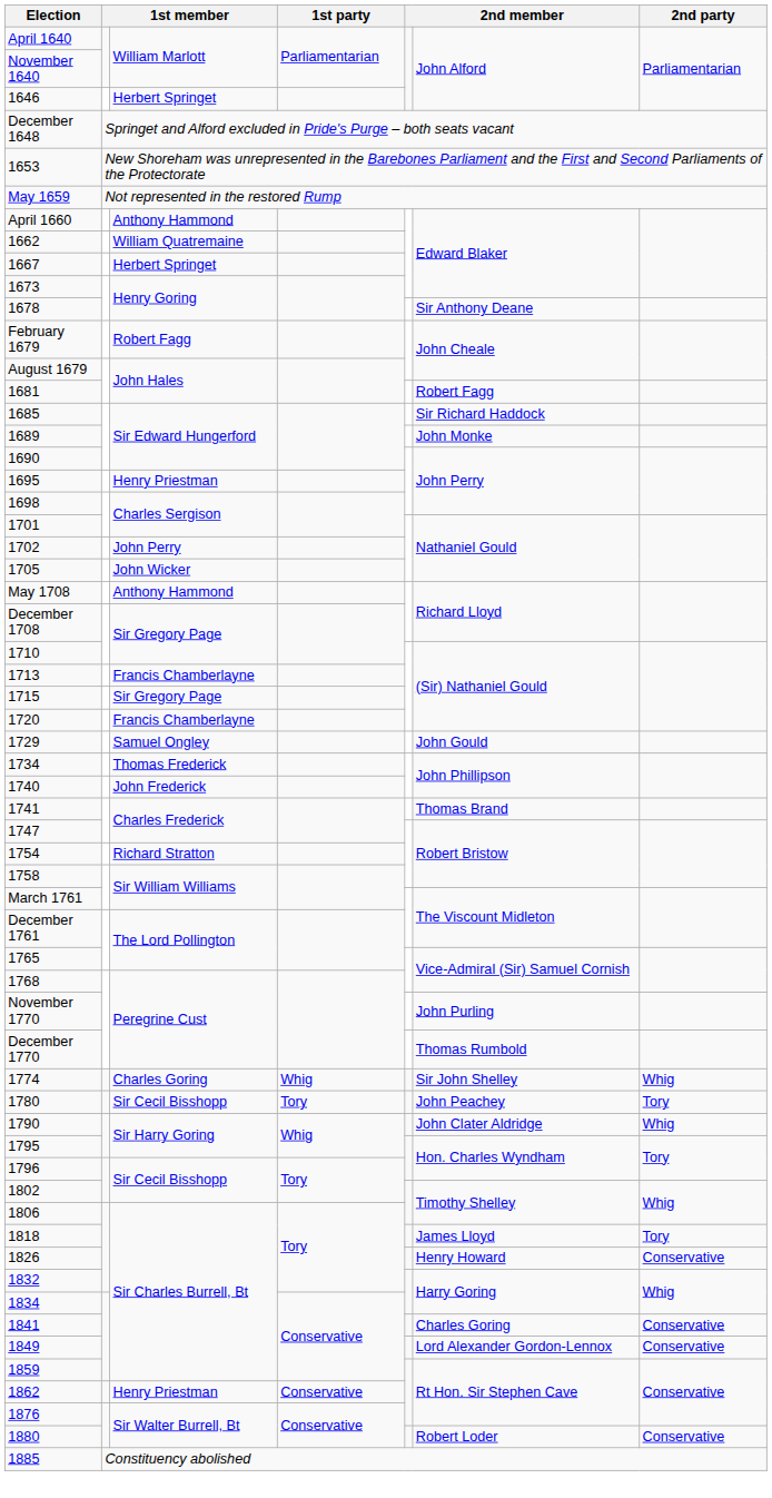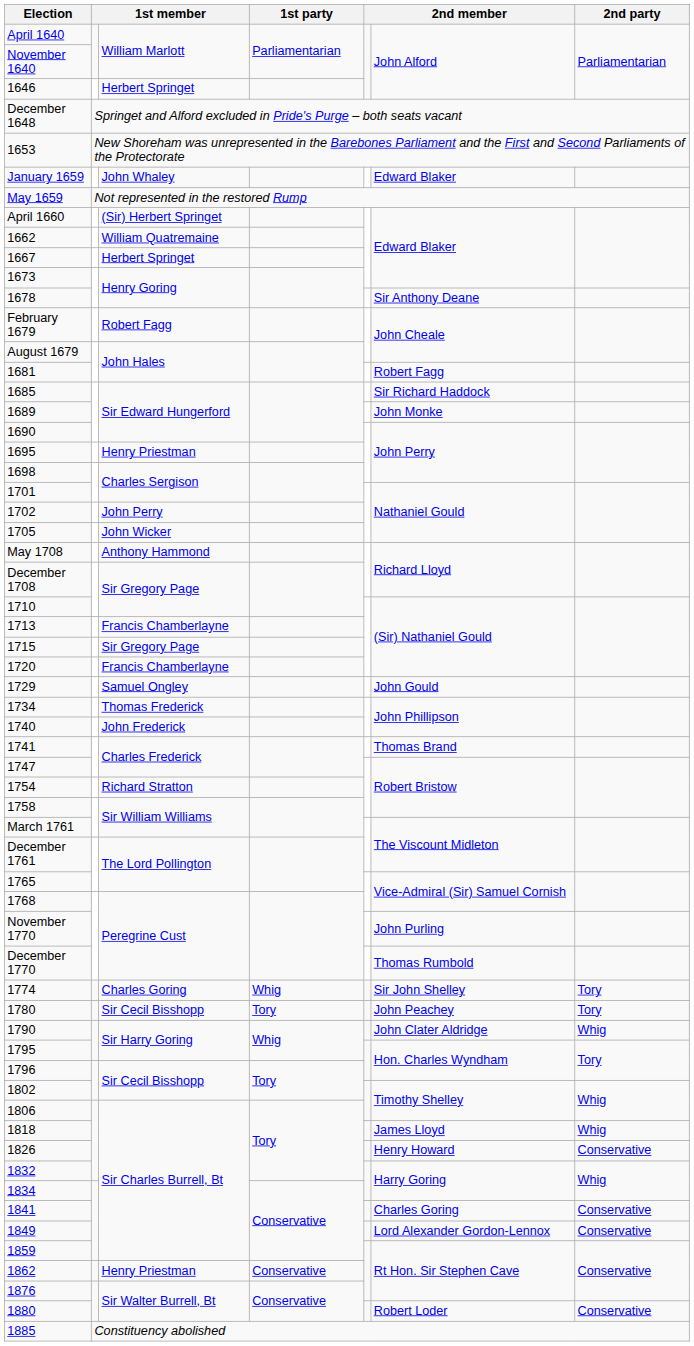 <table class="wikitable">
 <tr>
 <th>Election</th>
 <th colspan="2">1st member</th>
 <th>1st party</th>
 <th colspan="2">2nd member</th>
 <th>2nd party</th>
 </tr>
 <tr>
 <td><a href='#'>April 1640</a></td>
 <td rowspan="2" style="color:inherit;background-color: "></td>
 <td rowspan="2"><a href='#'>William Marlott</a></td>
 <td rowspan = "2"><a href='#'>Parliamentarian</a></td>
 <td rowspan="3" style="color:inherit;background-color: "></td>
 <td rowspan="3"><a href='#'>John Alford</a></td>
 <td rowspan="3"><a href='#'>Parliamentarian</a></td>
 </tr>
 <tr>
 <td><a href='#'>November 1640</a></td>
 </tr>
 <tr>
 <td>1646</td>
 <td style="color:inherit;background-color: white"></td>
 <td><a href='#'>Herbert Springet</a></td>
 <td></td>
 </tr>
 <tr>
 <td>December 1648</td>
 <td colspan="6"><em>Springet and Alford excluded in <a href='#'>Pride's Purge</a> – both seats vacant</em></td>
 </tr>
 <tr>
 <td>1653</td>
 <td colspan="6"><em>New Shoreham was unrepresented in the <a href='#'>Barebones Parliament</a> and the <a href='#'>First</a> and <a href='#'>Second</a> Parliaments of the Protectorate</em></td>
 </tr>
 <tr>
+<td><a href='#'>January 1659</a></td>
+<td style="color:inherit;background-color: white"></td>
+<td><a href='#'>John Whaley</a></td>
+<td></td>
+<td style="color:inherit;background-color: white"></td>
+<td><a href='#'>Edward Blaker</a></td>
+<td></td>
+</tr>
+<tr>
 <td><a href='#'>May 1659</a></td>
 <td colspan="6"><em>Not represented in the restored <a href='#'>Rump</a></em></td>
 </tr>
 <tr>
 <td>April 1660</td>
 <td style="color:inherit;background-color: white"></td>
-<td><a href='#'>Anthony Hammond</a></td>
+<td><a href='#'>(Sir) Herbert Springet</a></td>
 <td></td>
 <td rowspan="4" style="color:inherit;background-color: white"></td>
 <td rowspan="4"><a href='#'>Edward Blaker</a></td>
 <td rowspan="4"></td>
 </tr>
 <tr>
 <td>1662</td>
 <td style="color:inherit;background-color: white"></td>
 <td><a href='#'>William Quatremaine</a></td>
 <td></td>
 </tr>
 <tr>
 <td>1667</td>
 <td style="color:inherit;background-color: white"></td>
 <td><a href='#'>Herbert Springet</a></td>
 <td></td>
 </tr>
 <tr>
 <td>1673</td>
 <td rowspan="2" style="color:inherit;background-color: white"></td>
 <td rowspan="2"><a href='#'>Henry Goring</a></td>
 <td rowspan="2"></td>
 </tr>
 <tr>
 <td>1678</td>
 <td style="color:inherit;background-color: white"></td>
 <td><a href='#'>Sir Anthony Deane</a></td>
 <td></td>
 </tr>
 <tr>
 <td>February 1679</td>
 <td style="color:inherit;background-color: white"></td>
 <td><a href='#'>Robert Fagg</a></td>
 <td></td>
 <td rowspan="2" style="color:inherit;background-color: white"></td>
 <td rowspan="2"><a href='#'>John Cheale</a></td>
 <td rowspan="2"></td>
 </tr>
 <tr>
 <td>August 1679</td>
 <td rowspan="2" style="color:inherit;background-color: white"></td>
 <td rowspan="2"><a href='#'>John Hales</a></td>
 <td rowspan="2"></td>
 </tr>
 <tr>
 <td>1681</td>
 <td style="color:inherit;background-color: white"></td>
 <td><a href='#'>Robert Fagg</a></td>
 <td></td>
 </tr>
 <tr>
 <td>1685</td>
 <td rowspan="3" style="color:inherit;background-color: white"></td>
 <td rowspan="3"><a href='#'>Sir Edward Hungerford</a></td>
 <td rowspan="3"></td>
 <td style="color:inherit;background-color: white"></td>
 <td><a href='#'>Sir Richard Haddock</a></td>
 <td></td>
 </tr>
 <tr>
 <td>1689</td>
 <td style="color:inherit;background-color: white"></td>
 <td><a href='#'>John Monke</a></td>
 <td></td>
 </tr>
 <tr>
 <td>1690</td>
 <td rowspan="3" style="color:inherit;background-color: white"></td>
 <td rowspan="3"><a href='#'>John Perry</a></td>
 <td rowspan="3"></td>
 </tr>
 <tr>
 <td>1695</td>
 <td style="color:inherit;background-color: white"></td>
 <td><a href='#'>Henry Priestman</a></td>
 <td></td>
 </tr>
 <tr>
 <td>1698</td>
 <td rowspan="2" style="color:inherit;background-color: white"></td>
 <td rowspan="2"><a href='#'>Charles Sergison</a></td>
 <td rowspan="2"></td>
 </tr>
 <tr>
 <td>1701</td>
 <td rowspan="3" style="color:inherit;background-color: white"></td>
 <td rowspan="3"><a href='#'>Nathaniel Gould</a></td>
 <td rowspan="3"></td>
 </tr>
 <tr>
 <td>1702</td>
 <td style="color:inherit;background-color: white"></td>
 <td><a href='#'>John Perry</a></td>
 <td></td>
 </tr>
 <tr>
 <td>1705</td>
 <td style="color:inherit;background-color: white"></td>
 <td><a href='#'>John Wicker</a></td>
 <td></td>
 </tr>
 <tr>
 <td>May 1708</td>
 <td style="color:inherit;background-color: white"></td>
 <td><a href='#'>Anthony Hammond</a></td>
 <td></td>
 <td rowspan="2" style="color:inherit;background-color: white"></td>
 <td rowspan="2"><a href='#'>Richard Lloyd</a></td>
 <td rowspan="2"></td>
 </tr>
 <tr>
 <td>December 1708</td>
 <td rowspan="2" style="color:inherit;background-color: white"></td>
 <td rowspan="2"><a href='#'>Sir Gregory Page</a></td>
 <td rowspan="2"></td>
 </tr>
 <tr>
 <td>1710</td>
 <td rowspan="4" style="color:inherit;background-color: white"></td>
 <td rowspan="4"><a href='#'>(Sir) Nathaniel Gould</a></td>
 <td rowspan="4"></td>
 </tr>
 <tr>
 <td>1713</td>
 <td style="color:inherit;background-color: white"></td>
 <td><a href='#'>Francis Chamberlayne</a></td>
 <td></td>
 </tr>
 <tr>
 <td>1715</td>
 <td style="color:inherit;background-color: white"></td>
 <td><a href='#'>Sir Gregory Page</a></td>
 <td></td>
 </tr>
 <tr>
 <td>1720</td>
 <td style="color:inherit;background-color: white"></td>
 <td><a href='#'>Francis Chamberlayne</a></td>
 <td></td>
 </tr>
 <tr>
 <td>1729</td>
 <td style="color:inherit;background-color: white"></td>
 <td><a href='#'>Samuel Ongley</a></td>
 <td></td>
 <td style="color:inherit;background-color: white"></td>
 <td><a href='#'>John Gould</a></td>
 <td></td>
 </tr>
 <tr>
 <td>1734</td>
 <td style="color:inherit;background-color: white"></td>
 <td><a href='#'>Thomas Frederick</a></td>
 <td></td>
 <td rowspan="2" style="color:inherit;background-color: white"></td>
 <td rowspan="2"><a href='#'>John Phillipson</a></td>
 <td rowspan="2"></td>
 </tr>
 <tr>
 <td>1740</td>
 <td style="color:inherit;background-color: white"></td>
 <td><a href='#'>John Frederick</a></td>
 <td></td>
 </tr>
 <tr>
 <td>1741</td>
 <td rowspan="2" style="color:inherit;background-color: white"></td>
 <td rowspan="2"><a href='#'>Charles Frederick</a></td>
 <td rowspan="2"></td>
 <td style="color:inherit;background-color: white"></td>
 <td><a href='#'>Thomas Brand</a></td>
 <td></td>
 </tr>
 <tr>
 <td>1747</td>
 <td rowspan="3" style="color:inherit;background-color: white"></td>
 <td rowspan="3"><a href='#'>Robert Bristow</a></td>
 <td rowspan="3"></td>
 </tr>
 <tr>
 <td>1754</td>
 <td style="color:inherit;background-color: white"></td>
 <td><a href='#'>Richard Stratton</a></td>
 <td></td>
 </tr>
 <tr>
 <td>1758</td>
 <td rowspan="2" style="color:inherit;background-color: white"></td>
 <td rowspan="2"><a href='#'>Sir William Williams</a></td>
 <td rowspan="2"></td>
 </tr>
 <tr>
 <td>March 1761</td>
 <td rowspan="2" style="color:inherit;background-color: white"></td>
 <td rowspan="2"><a href='#'>The Viscount Midleton</a></td>
 <td rowspan="2"></td>
 </tr>
 <tr>
 <td>December 1761</td>
 <td rowspan="2" style="color:inherit;background-color: white"></td>
 <td rowspan="2"><a href='#'>The Lord Pollington</a></td>
 <td rowspan="2"></td>
 </tr>
 <tr>
 <td>1765</td>
 <td rowspan="2" style="color:inherit;background-color: white"></td>
 <td rowspan="2"><a href='#'>Vice-Admiral (Sir) Samuel Cornish</a></td>
 <td rowspan="2"></td>
 </tr>
 <tr>
 <td>1768</td>
 <td rowspan="3" style="color:inherit;background-color: white"></td>
 <td rowspan="3"><a href='#'>Peregrine Cust</a></td>
 <td rowspan="3"></td>
 </tr>
 <tr>
 <td>November 1770</td>
 <td style="color:inherit;background-color: white"></td>
 <td><a href='#'>John Purling</a></td>
 <td></td>
 </tr>
 <tr>
 <td>December 1770</td>
 <td style="color:inherit;background-color: white"></td>
 <td><a href='#'>Thomas Rumbold</a></td>
 <td></td>
 </tr>
 <tr>
 <td>1774</td>
 <td style="color:inherit;background-color: "></td>
 <td><a href='#'>Charles Goring</a></td>
 <td><a href='#'>Whig</a></td>
 <td style="color:inherit;background-color: "></td>
 <td><a href='#'>Sir John Shelley</a></td>
-<td><a href='#'>Whig</a></td>
+<td><a href='#'>Tory</a></td>
 </tr>
 <tr>
 <td>1780</td>
 <td style="color:inherit;background-color: "></td>
 <td><a href='#'>Sir Cecil Bisshopp</a></td>
 <td><a href='#'>Tory</a></td>
 <td style="color:inherit;background-color: "></td>
 <td><a href='#'>John Peachey</a></td>
 <td><a href='#'>Tory</a></td>
 </tr>
 <tr>
 <td>1790</td>
 <td rowspan="2" style="color:inherit;background-color: "></td>
 <td rowspan="2"><a href='#'>Sir Harry Goring</a></td>
 <td rowspan="2"><a href='#'>Whig</a></td>
 <td style="color:inherit;background-color: "></td>
 <td><a href='#'>John Clater Aldridge</a></td>
 <td><a href='#'>Whig</a></td>
 </tr>
 <tr>
 <td>1795</td>
 <td rowspan="2" style="color:inherit;background-color: "></td>
 <td rowspan="2"><a href='#'>Hon. Charles Wyndham</a></td>
 <td rowspan="2"><a href='#'>Tory</a></td>
 </tr>
 <tr>
 <td>1796</td>
 <td rowspan="2" style="color:inherit;background-color: "></td>
 <td rowspan="2"><a href='#'>Sir Cecil Bisshopp</a></td>
 <td rowspan="2"><a href='#'>Tory</a></td>
 </tr>
 <tr>
 <td>1802</td>
 <td rowspan="2" style="color:inherit;background-color: "></td>
 <td rowspan="2"><a href='#'>Timothy Shelley</a></td>
 <td rowspan="2"><a href='#'>Whig</a></td>
 </tr>
 <tr>
 <td>1806</td>
 <td rowspan="4" style="color:inherit;background-color: "></td>
 <td rowspan="8"><a href='#'>Sir Charles Burrell, Bt</a></td>
 <td rowspan="4"><a href='#'>Tory</a></td>
 </tr>
 <tr>
 <td>1818</td>
 <td style="color:inherit;background-color: "></td>
 <td><a href='#'>James Lloyd</a></td>
-<td><a href='#'>Tory</a></td>
+<td><a href='#'>Whig</a></td>
 </tr>
 <tr>
 <td>1826</td>
 <td style="color:inherit;background-color: "></td>
 <td><a href='#'>Henry Howard</a></td>
 <td><a href='#'>Conservative</a></td>
 </tr>
 <tr>
 <td><a href='#'>1832</a></td>
 <td rowspan="2" style="color:inherit;background-color: "></td>
 <td rowspan="2"><a href='#'>Harry Goring</a></td>
 <td rowspan="2"><a href='#'>Whig</a></td>
 </tr>
 <tr>
 <td><a href='#'>1834</a></td>
 <td rowspan="4" style="color:inherit;background-color: "></td>
 <td rowspan="4"><a href='#'>Conservative</a></td>
 </tr>
 <tr>
 <td><a href='#'>1841</a></td>
 <td style="color:inherit;background-color: "></td>
 <td><a href='#'>Charles Goring</a></td>
 <td><a href='#'>Conservative</a></td>
 </tr>
 <tr>
 <td><a href='#'>1849</a></td>
 <td style="color:inherit;background-color: "></td>
 <td><a href='#'>Lord Alexander Gordon-Lennox</a></td>
 <td><a href='#'>Conservative</a></td>
 </tr>
 <tr>
 <td><a href='#'>1859</a></td>
 <td rowspan="3" style="color:inherit;background-color: "></td>
 <td rowspan="3"><a href='#'>Rt Hon. Sir Stephen Cave</a></td>
 <td rowspan="3"><a href='#'>Conservative</a></td>
 </tr>
 <tr>
 <td><a href='#'>1862</a></td>
 <td style="color:inherit;background-color: "></td>
 <td><a href='#'>Henry Priestman</a></td>
 <td><a href='#'>Conservative</a></td>
 </tr>
 <tr>
 <td><a href='#'>1876</a></td>
 <td rowspan="2" style="color:inherit;background-color: "></td>
 <td rowspan="2"><a href='#'>Sir Walter Burrell, Bt</a></td>
 <td rowspan="2"><a href='#'>Conservative</a></td>
 </tr>
 <tr>
 <td><a href='#'>1880</a></td>
 <td style="color:inherit;background-color: "></td>
 <td><a href='#'>Robert Loder</a></td>
 <td><a href='#'>Conservative</a></td>
 </tr>
 <tr>
 <td><a href='#'>1885</a></td>
 <td colspan="6"><em>Constituency abolished</em></td>
 </tr>
 </table>
